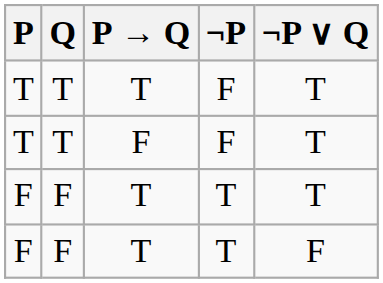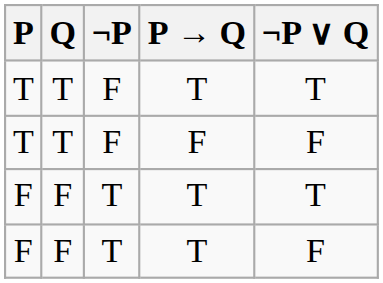 <table class="wikitable" style="text-align:center">
 <tr>
 <th>P</th>
 <th>Q</th>
+<th>¬P</th>
 <th>P → Q</th>
-<th>¬P</th>
 <th>¬P ∨ Q</th>
 </tr>
 <tr>
 <td>T</td>
 <td>T</td>
+<td>F</td>
 <td>T</td>
-<td>F</td>
 <td>T</td>
 </tr>
 <tr>
 <td>T</td>
 <td>T</td>
 <td>F</td>
 <td>F</td>
-<td>T</td>
+<td>F</td>
 </tr>
 <tr>
 <td>F</td>
 <td>F</td>
 <td>T</td>
 <td>T</td>
 <td>T</td>
 </tr>
 <tr>
 <td>F</td>
 <td>F</td>
 <td>T</td>
 <td>T</td>
 <td>F</td>
 </tr>
 </table>
